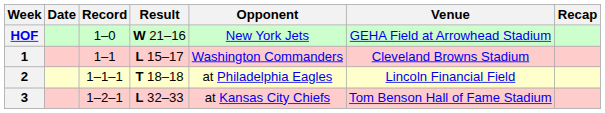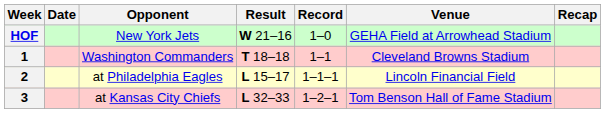 <table class="wikitable" style="text-align:center">
 <tr>
 <th>Week</th>
 <th>Date</th>
+<th>Opponent</th>
+<th>Result</th>
 <th>Record</th>
-<th>Result</th>
-<th>Opponent</th>
 <th>Venue</th>
 <th>Recap</th>
 </tr>
 <tr style="background:#cfc">
 <th><a href='#'>HOF</a></th>
 <td></td>
+<td><a href='#'>New York Jets</a></td>
+<td><strong>W</strong> 21–16</td>
 <td>1–0</td>
-<td><strong>W</strong> 21–16</td>
-<td><a href='#'>New York Jets</a></td>
 <td><a href='#'>GEHA Field at Arrowhead Stadium</a></td>
 <td></td>
 </tr>
 <tr style="background:#fcc">
 <th>1</th>
 <td></td>
+<td><a href='#'>Washington Commanders</a></td>
+<td><strong>T</strong> 18–18</td>
 <td>1–1</td>
-<td><strong>L</strong> 15–17</td>
-<td><a href='#'>Washington Commanders</a></td>
 <td><a href='#'>Cleveland Browns Stadium</a></td>
 <td></td>
 </tr>
 <tr style="background:#ffc">
 <th>2</th>
 <td></td>
+<td>at <a href='#'>Philadelphia Eagles</a></td>
+<td><strong>L</strong> 15–17</td>
 <td>1–1–1</td>
-<td><strong>T</strong> 18–18</td>
-<td>at <a href='#'>Philadelphia Eagles</a></td>
 <td><a href='#'>Lincoln Financial Field</a></td>
 <td></td>
 </tr>
 <tr style="background:#fcc">
 <th>3</th>
 <td></td>
+<td>at <a href='#'>Kansas City Chiefs</a></td>
+<td><strong>L</strong> 32–33</td>
 <td>1–2–1</td>
-<td><strong>L</strong> 32–33</td>
-<td>at <a href='#'>Kansas City Chiefs</a></td>
 <td><a href='#'>Tom Benson Hall of Fame Stadium</a></td>
 <td></td>
 </tr>
 </table>
